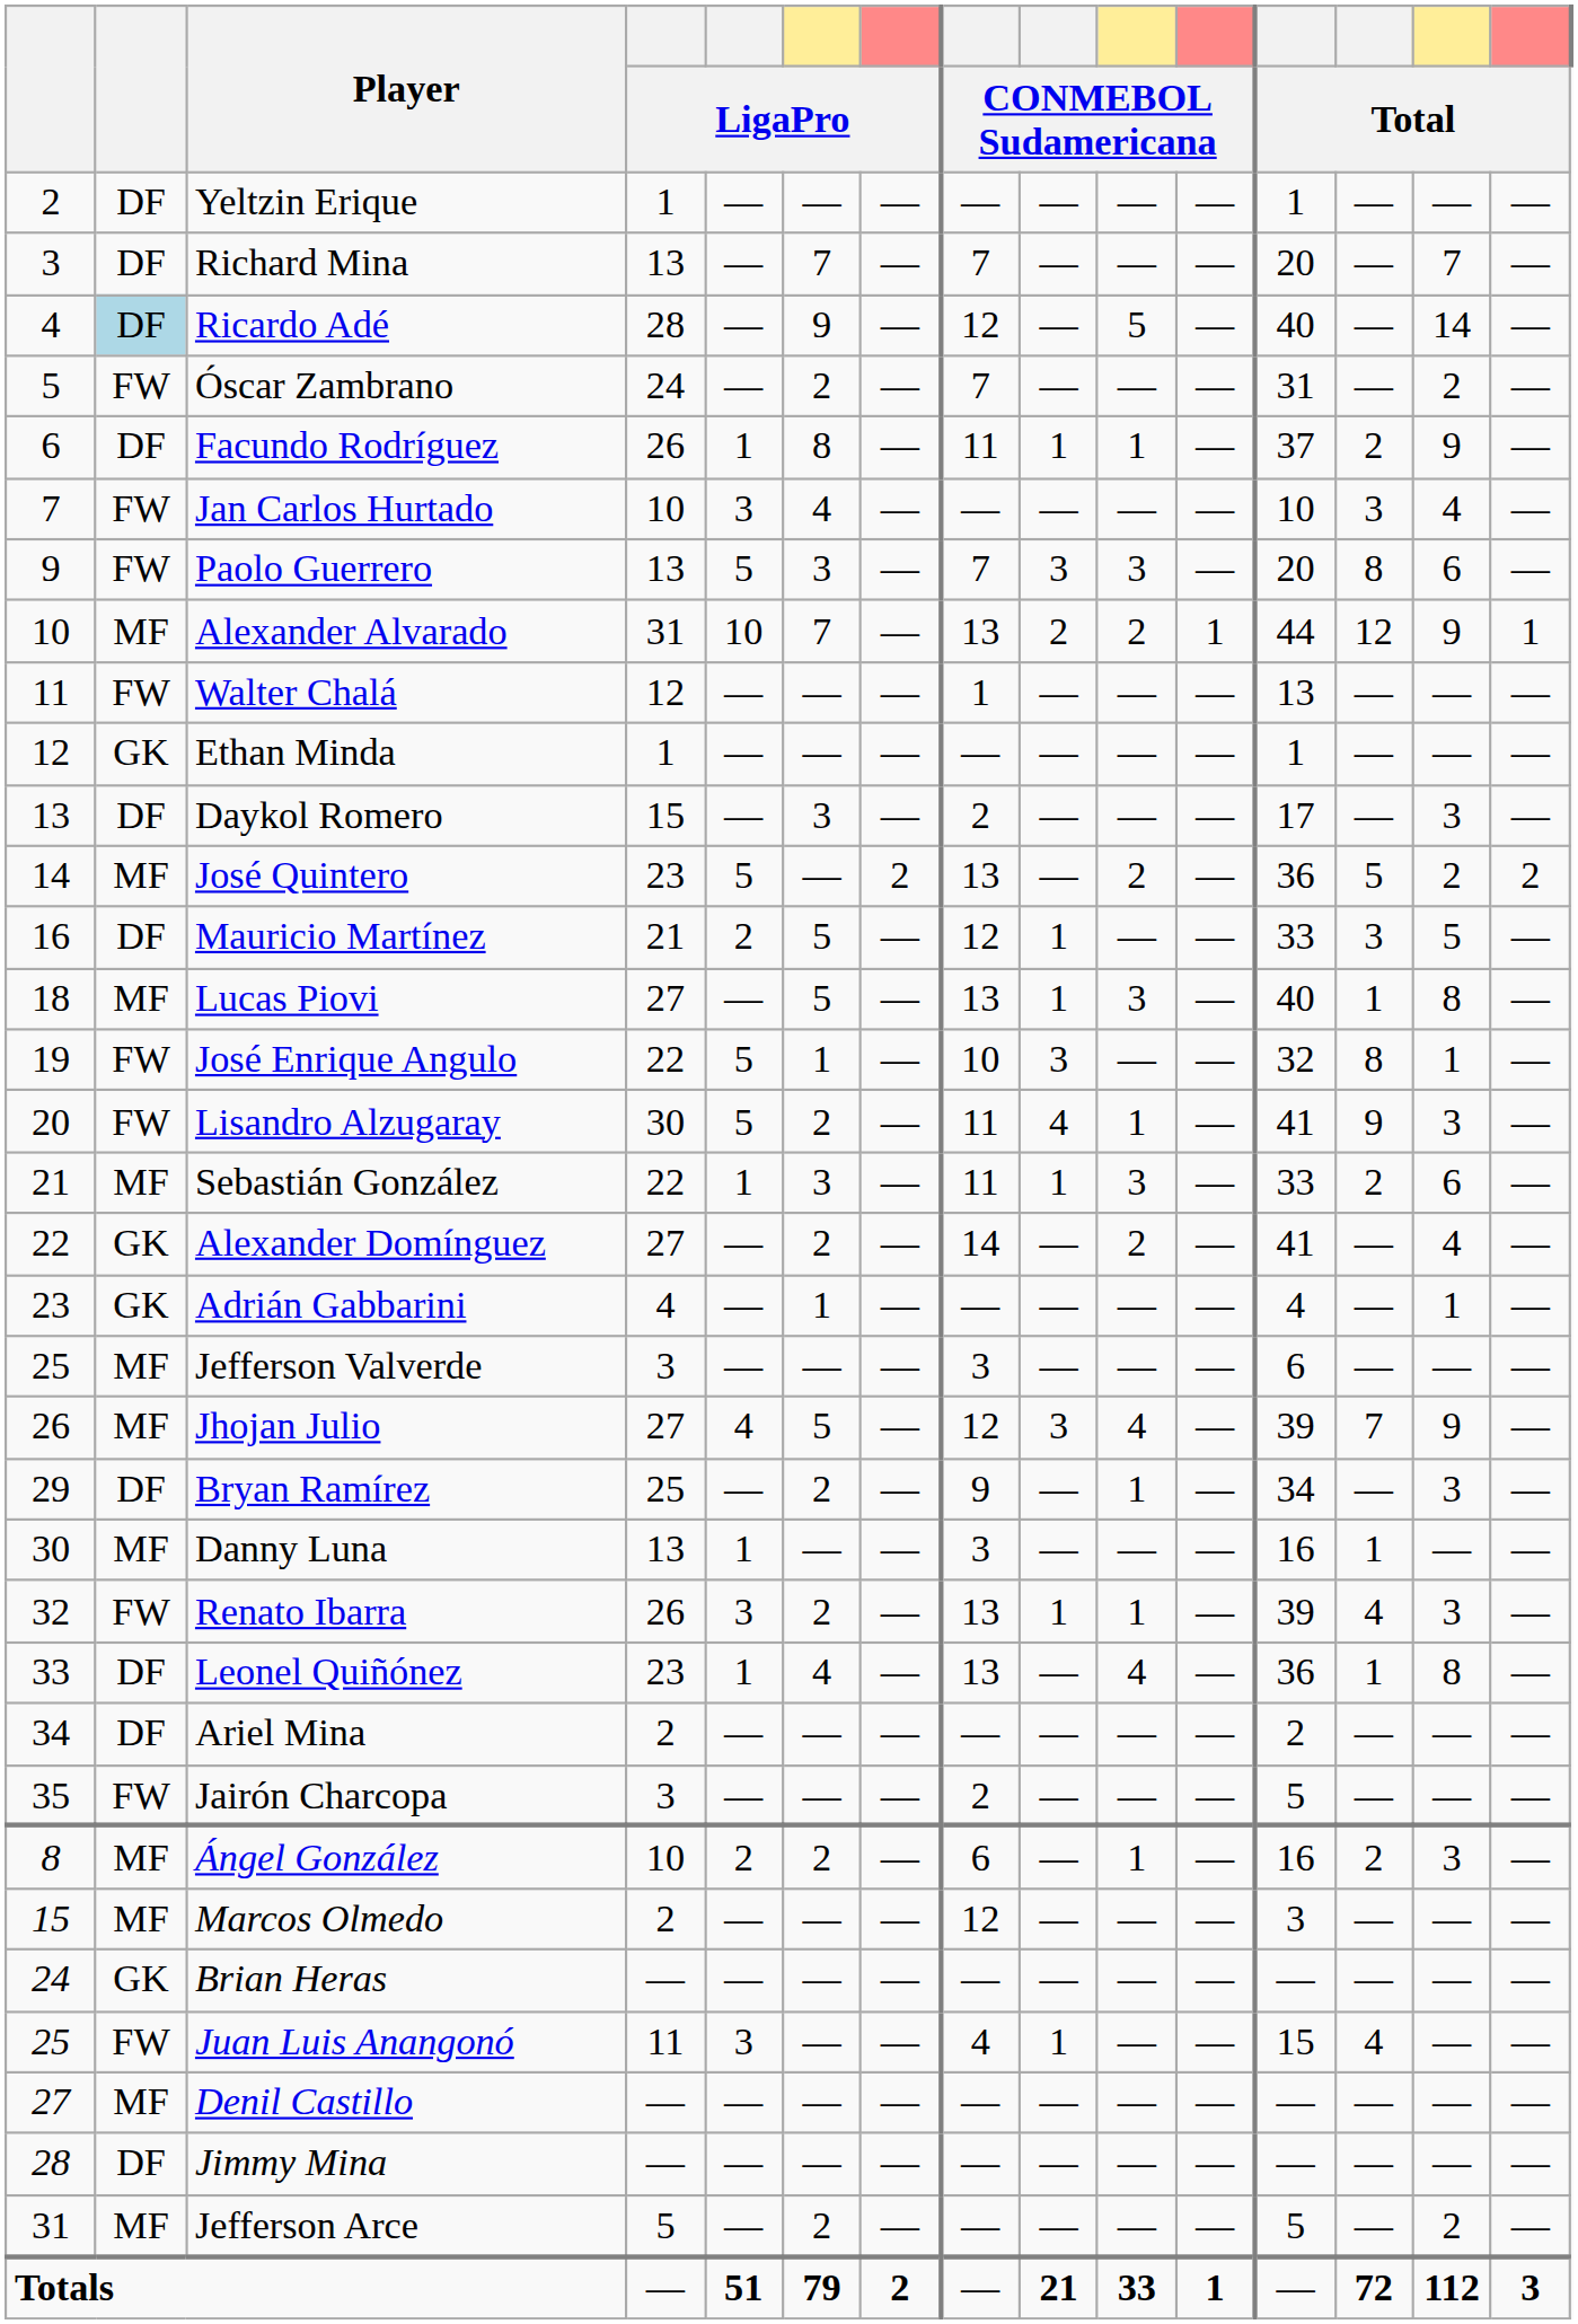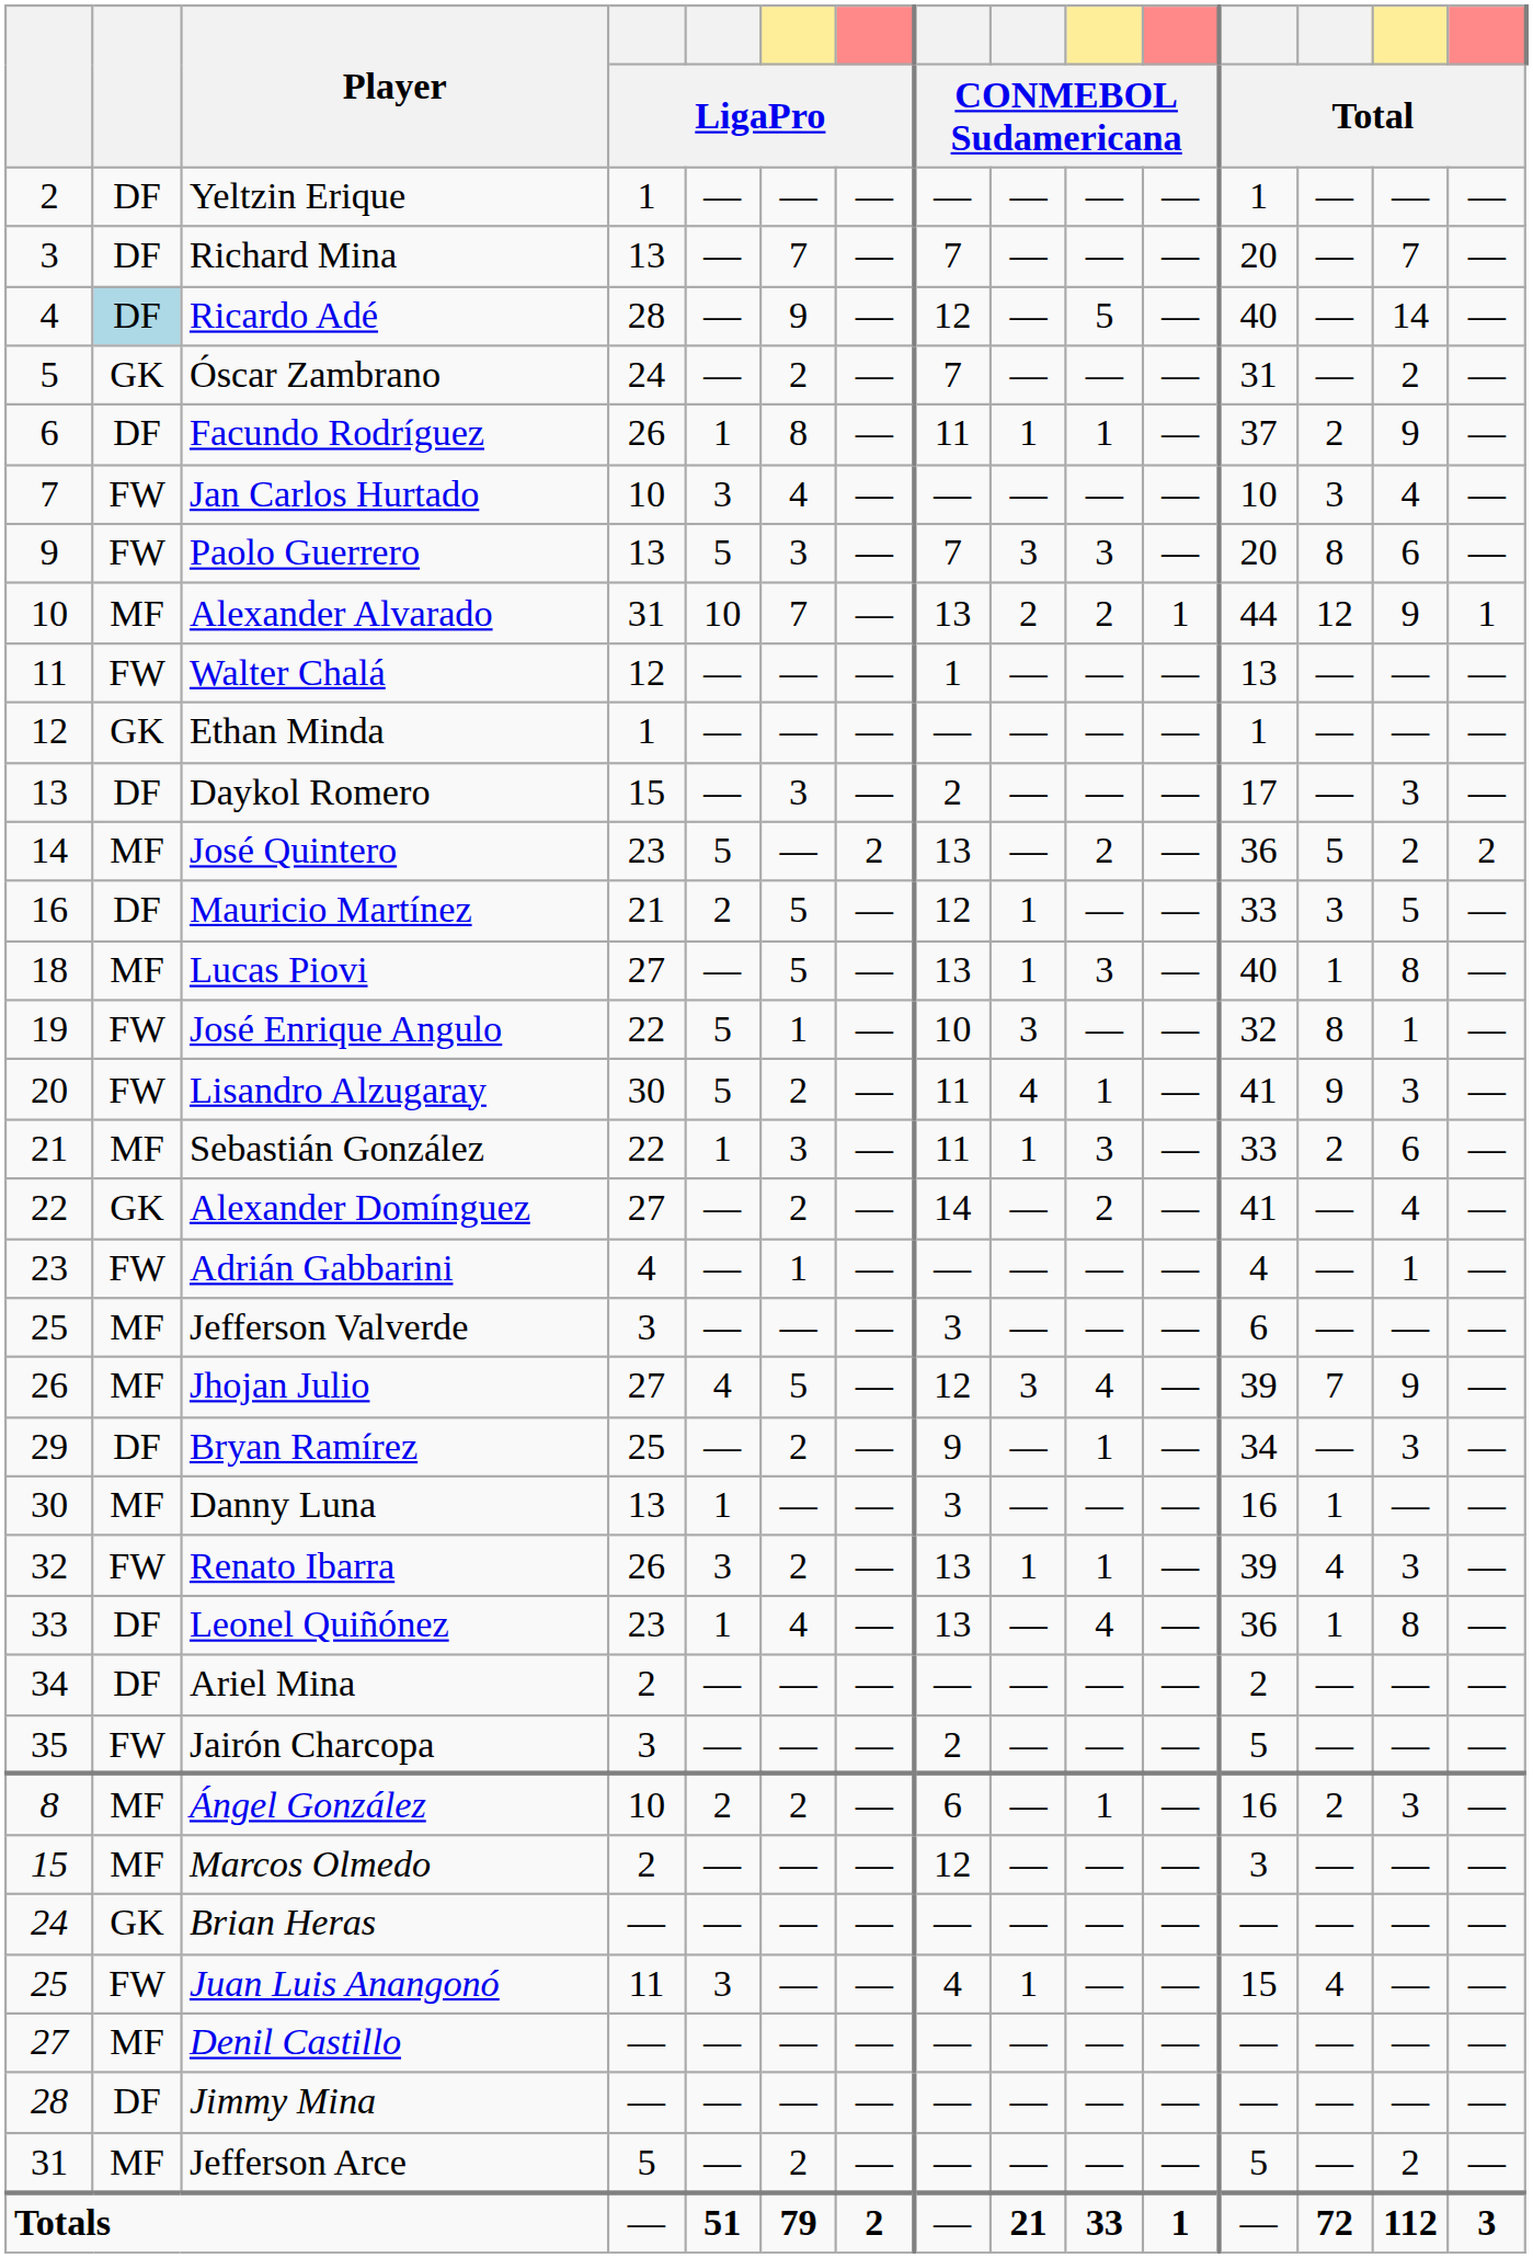 <table class="wikitable sortable" style="text-align: center;">
 <tr>
 <th rowspan="2" width=30 align="center"><br></th>
 <th rowspan="2" width=30 align="center"><br></th>
 <th rowspan="2" width=175 align="center">Player<br></th>
 <th width=25 style="background:"><br></th>
 <th width=25 style="background:"><br></th>
 <th width=25 style="background: #FFEE99"><br></th>
 <th width=25 style="border-right:2px solid grey; background:#FF8888"><br></th>
 <th width=25 style="background:"><br></th>
 <th width=25 style="background:"><br></th>
 <th width=25 style="background: #FFEE99"><br></th>
 <th width=25 style="border-right:2px solid grey; background:#FF8888"><br></th>
 <th width=25 style="background:"><br></th>
 <th width=25 style="background:"><br></th>
 <th width=25 style="background: #FFEE99"><br></th>
 <th width=25 style="border-right:2px solid grey; background:#FF8888"><br></th>
 </tr>
 <tr class="sortbottom">
 <th colspan="4" style="border-right:2px solid grey;" align="center"><a href='#'>LigaPro</a></th>
 <th colspan="4" style="border-right:2px solid grey;" align="center"><a href='#'>CONMEBOL<br>Sudamericana</a></th>
 <th colspan="4" align="center">Total</th>
 </tr>
 <tr>
 <td>2</td>
 <td>DF</td>
 <td align=left>Yeltzin Erique</td>
 <td>1</td>
 <td>—</td>
 <td>—</td>
 <td>—</td>
 <td style="border-left:2px solid grey">—</td>
 <td>—</td>
 <td>—</td>
 <td>—</td>
 <td style="border-left:2px solid grey">1</td>
 <td>—</td>
 <td>—</td>
 <td>—</td>
 </tr>
 <tr>
 <td>3</td>
 <td>DF</td>
 <td align=left>Richard Mina</td>
 <td>13</td>
 <td>—</td>
 <td>7</td>
 <td>—</td>
 <td style="border-left:2px solid grey">7</td>
 <td>—</td>
 <td>—</td>
 <td>—</td>
 <td style="border-left:2px solid grey">20</td>
 <td>—</td>
 <td>7</td>
 <td>—</td>
 </tr>
 <tr>
 <td>4</td>
 <td style="background: lightblue;">DF</td>
 <td align=left><a href='#'>Ricardo Adé</a></td>
 <td>28</td>
 <td>—</td>
 <td>9</td>
 <td>—</td>
 <td style="border-left:2px solid grey">12</td>
 <td>—</td>
 <td>5</td>
 <td>—</td>
 <td style="border-left:2px solid grey">40</td>
 <td>—</td>
 <td>14</td>
 <td>—</td>
 </tr>
 <tr>
 <td>5</td>
-<td>FW</td>
+<td>GK</td>
 <td align=left>Óscar Zambrano</td>
 <td>24</td>
 <td>—</td>
 <td>2</td>
 <td>—</td>
 <td style="border-left:2px solid grey">7</td>
 <td>—</td>
 <td>—</td>
 <td>—</td>
 <td style="border-left:2px solid grey">31</td>
 <td>—</td>
 <td>2</td>
 <td>—</td>
 </tr>
 <tr>
 <td>6</td>
 <td>DF</td>
 <td align=left><a href='#'>Facundo Rodríguez</a></td>
 <td>26</td>
 <td>1</td>
 <td>8</td>
 <td>—</td>
 <td style="border-left:2px solid grey">11</td>
 <td>1</td>
 <td>1</td>
 <td>—</td>
 <td style="border-left:2px solid grey">37</td>
 <td>2</td>
 <td>9</td>
 <td>—</td>
 </tr>
 <tr>
 <td>7</td>
 <td>FW</td>
 <td align=left><a href='#'>Jan Carlos Hurtado</a></td>
 <td>10</td>
 <td>3</td>
 <td>4</td>
 <td>—</td>
 <td style="border-left:2px solid grey">—</td>
 <td>—</td>
 <td>—</td>
 <td>—</td>
 <td style="border-left:2px solid grey">10</td>
 <td>3</td>
 <td>4</td>
 <td>—</td>
 </tr>
 <tr>
 <td>9</td>
 <td>FW</td>
 <td align=left><a href='#'>Paolo Guerrero</a></td>
 <td>13</td>
 <td>5</td>
 <td>3</td>
 <td>—</td>
 <td style="border-left:2px solid grey">7</td>
 <td>3</td>
 <td>3</td>
 <td>—</td>
 <td style="border-left:2px solid grey">20</td>
 <td>8</td>
 <td>6</td>
 <td>—</td>
 </tr>
 <tr>
 <td>10</td>
 <td>MF</td>
 <td align=left><a href='#'>Alexander Alvarado</a></td>
 <td>31</td>
 <td>10</td>
 <td>7</td>
 <td>—</td>
 <td style="border-left:2px solid grey">13</td>
 <td>2</td>
 <td>2</td>
 <td>1</td>
 <td style="border-left:2px solid grey">44</td>
 <td>12</td>
 <td>9</td>
 <td>1</td>
 </tr>
 <tr>
 <td>11</td>
 <td>FW</td>
 <td align=left><a href='#'>Walter Chalá</a></td>
 <td>12</td>
 <td>—</td>
 <td>—</td>
 <td>—</td>
 <td style="border-left:2px solid grey">1</td>
 <td>—</td>
 <td>—</td>
 <td>—</td>
 <td style="border-left:2px solid grey">13</td>
 <td>—</td>
 <td>—</td>
 <td>—</td>
 </tr>
 <tr>
 <td>12</td>
 <td>GK</td>
 <td align=left>Ethan Minda</td>
 <td>1</td>
 <td>—</td>
 <td>—</td>
 <td>—</td>
 <td style="border-left:2px solid grey">—</td>
 <td>—</td>
 <td>—</td>
 <td>—</td>
 <td style="border-left:2px solid grey">1</td>
 <td>—</td>
 <td>—</td>
 <td>—</td>
 </tr>
 <tr>
 <td>13</td>
 <td>DF</td>
 <td align=left>Daykol Romero</td>
 <td>15</td>
 <td>—</td>
 <td>3</td>
 <td>—</td>
 <td style="border-left:2px solid grey">2</td>
 <td>—</td>
 <td>—</td>
 <td>—</td>
 <td style="border-left:2px solid grey">17</td>
 <td>—</td>
 <td>3</td>
 <td>—</td>
 </tr>
 <tr>
 <td>14</td>
 <td>MF</td>
 <td align=left><a href='#'>José Quintero</a></td>
 <td>23</td>
 <td>5</td>
 <td>—</td>
 <td>2</td>
 <td style="border-left:2px solid grey">13</td>
 <td>—</td>
 <td>2</td>
 <td>—</td>
 <td style="border-left:2px solid grey">36</td>
 <td>5</td>
 <td>2</td>
 <td>2</td>
 </tr>
 <tr>
 <td>16</td>
 <td>DF</td>
 <td align=left><a href='#'>Mauricio Martínez</a></td>
 <td>21</td>
 <td>2</td>
 <td>5</td>
 <td>—</td>
 <td style="border-left:2px solid grey">12</td>
 <td>1</td>
 <td>—</td>
 <td>—</td>
 <td style="border-left:2px solid grey">33</td>
 <td>3</td>
 <td>5</td>
 <td>—</td>
 </tr>
 <tr>
 <td>18</td>
 <td>MF</td>
 <td align=left><a href='#'>Lucas Piovi</a></td>
 <td>27</td>
 <td>—</td>
 <td>5</td>
 <td>—</td>
 <td style="border-left:2px solid grey">13</td>
 <td>1</td>
 <td>3</td>
 <td>—</td>
 <td style="border-left:2px solid grey">40</td>
 <td>1</td>
 <td>8</td>
 <td>—</td>
 </tr>
 <tr>
 <td>19</td>
 <td>FW</td>
 <td align=left><a href='#'>José Enrique Angulo</a></td>
 <td>22</td>
 <td>5</td>
 <td>1</td>
 <td>—</td>
 <td style="border-left:2px solid grey">10</td>
 <td>3</td>
 <td>—</td>
 <td>—</td>
 <td style="border-left:2px solid grey">32</td>
 <td>8</td>
 <td>1</td>
 <td>—</td>
 </tr>
 <tr>
 <td>20</td>
 <td>FW</td>
 <td align=left><a href='#'>Lisandro Alzugaray</a></td>
 <td>30</td>
 <td>5</td>
 <td>2</td>
 <td>—</td>
 <td style="border-left:2px solid grey">11</td>
 <td>4</td>
 <td>1</td>
 <td>—</td>
 <td style="border-left:2px solid grey">41</td>
 <td>9</td>
 <td>3</td>
 <td>—</td>
 </tr>
 <tr>
 <td>21</td>
 <td>MF</td>
 <td align=left>Sebastián González</td>
 <td>22</td>
 <td>1</td>
 <td>3</td>
 <td>—</td>
 <td style="border-left:2px solid grey">11</td>
 <td>1</td>
 <td>3</td>
 <td>—</td>
 <td style="border-left:2px solid grey">33</td>
 <td>2</td>
 <td>6</td>
 <td>—</td>
 </tr>
 <tr>
 <td>22</td>
 <td>GK</td>
 <td align=left><a href='#'>Alexander Domínguez</a></td>
 <td>27</td>
 <td>—</td>
 <td>2</td>
 <td>—</td>
 <td style="border-left:2px solid grey">14</td>
 <td>—</td>
 <td>2</td>
 <td>—</td>
 <td style="border-left:2px solid grey">41</td>
 <td>—</td>
 <td>4</td>
 <td>—</td>
 </tr>
 <tr>
 <td>23</td>
-<td>GK</td>
+<td>FW</td>
 <td align=left><a href='#'>Adrián Gabbarini</a></td>
 <td>4</td>
 <td>—</td>
 <td>1</td>
 <td>—</td>
 <td style="border-left:2px solid grey">—</td>
 <td>—</td>
 <td>—</td>
 <td>—</td>
 <td style="border-left:2px solid grey">4</td>
 <td>—</td>
 <td>1</td>
 <td>—</td>
 </tr>
 <tr>
 <td>25</td>
 <td>MF</td>
 <td align=left>Jefferson Valverde</td>
 <td>3</td>
 <td>—</td>
 <td>—</td>
 <td>—</td>
 <td style="border-left:2px solid grey">3</td>
 <td>—</td>
 <td>—</td>
 <td>—</td>
 <td style="border-left:2px solid grey">6</td>
 <td>—</td>
 <td>—</td>
 <td>—</td>
 </tr>
 <tr>
 <td>26</td>
 <td>MF</td>
 <td align=left><a href='#'>Jhojan Julio</a></td>
 <td>27</td>
 <td>4</td>
 <td>5</td>
 <td>—</td>
 <td style="border-left:2px solid grey">12</td>
 <td>3</td>
 <td>4</td>
 <td>—</td>
 <td style="border-left:2px solid grey">39</td>
 <td>7</td>
 <td>9</td>
 <td>—</td>
 </tr>
 <tr>
 <td>29</td>
 <td>DF</td>
 <td align=left><a href='#'>Bryan Ramírez</a></td>
 <td>25</td>
 <td>—</td>
 <td>2</td>
 <td>—</td>
 <td style="border-left:2px solid grey">9</td>
 <td>—</td>
 <td>1</td>
 <td>—</td>
 <td style="border-left:2px solid grey">34</td>
 <td>—</td>
 <td>3</td>
 <td>—</td>
 </tr>
 <tr>
 <td>30</td>
 <td>MF</td>
 <td align=left>Danny Luna</td>
 <td>13</td>
 <td>1</td>
 <td>—</td>
 <td>—</td>
 <td style="border-left:2px solid grey">3</td>
 <td>—</td>
 <td>—</td>
 <td>—</td>
 <td style="border-left:2px solid grey">16</td>
 <td>1</td>
 <td>—</td>
 <td>—</td>
 </tr>
 <tr>
 <td>32</td>
 <td>FW</td>
 <td align=left><a href='#'>Renato Ibarra</a></td>
 <td>26</td>
 <td>3</td>
 <td>2</td>
 <td>—</td>
 <td style="border-left:2px solid grey">13</td>
 <td>1</td>
 <td>1</td>
 <td>—</td>
 <td style="border-left:2px solid grey">39</td>
 <td>4</td>
 <td>3</td>
 <td>—</td>
 </tr>
 <tr>
 <td>33</td>
 <td>DF</td>
 <td align=left><a href='#'>Leonel Quiñónez</a></td>
 <td>23</td>
 <td>1</td>
 <td>4</td>
 <td>—</td>
 <td style="border-left:2px solid grey">13</td>
 <td>—</td>
 <td>4</td>
 <td>—</td>
 <td style="border-left:2px solid grey">36</td>
 <td>1</td>
 <td>8</td>
 <td>—</td>
 </tr>
 <tr>
 <td>34</td>
 <td>DF</td>
 <td align=left>Ariel Mina</td>
 <td>2</td>
 <td>—</td>
 <td>—</td>
 <td>—</td>
 <td style="border-left:2px solid grey">—</td>
 <td>—</td>
 <td>—</td>
 <td>—</td>
 <td style="border-left:2px solid grey">2</td>
 <td>—</td>
 <td>—</td>
 <td>—</td>
 </tr>
 <tr>
 <td>35</td>
 <td>FW</td>
 <td align=left>Jairón Charcopa</td>
 <td>3</td>
 <td>—</td>
 <td>—</td>
 <td>—</td>
 <td style="border-left:2px solid grey">2</td>
 <td>—</td>
 <td>—</td>
 <td>—</td>
 <td style="border-left:2px solid grey">5</td>
 <td>—</td>
 <td>—</td>
 <td>—</td>
 </tr>
 <tr>
 </tr>
 <tr style="border-top:2px solid grey">
 <td><em>8</em></td>
 <td>MF</td>
 <td align=left><em><a href='#'>Ángel González</a></em></td>
 <td>10</td>
 <td>2</td>
 <td>2</td>
 <td>—</td>
 <td style="border-left:2px solid grey">6</td>
 <td>—</td>
 <td>1</td>
 <td>—</td>
 <td style="border-left:2px solid grey">16</td>
 <td>2</td>
 <td>3</td>
 <td>—</td>
 </tr>
 <tr>
 <td><em>15</em></td>
 <td>MF</td>
 <td align=left><em>Marcos Olmedo</em></td>
 <td>2</td>
 <td>—</td>
 <td>—</td>
 <td>—</td>
 <td style="border-left:2px solid grey">12</td>
 <td>—</td>
 <td>—</td>
 <td>—</td>
 <td style="border-left:2px solid grey">3</td>
 <td>—</td>
 <td>—</td>
 <td>—</td>
 </tr>
 <tr>
 <td><em>24</em></td>
 <td>GK</td>
 <td align=left><em>Brian Heras</em></td>
 <td>—</td>
 <td>—</td>
 <td>—</td>
 <td>—</td>
 <td style="border-left:2px solid grey">—</td>
 <td>—</td>
 <td>—</td>
 <td>—</td>
 <td style="border-left:2px solid grey">—</td>
 <td>—</td>
 <td>—</td>
 <td>—</td>
 </tr>
 <tr>
 <td><em>25</em></td>
 <td>FW</td>
 <td align=left><em><a href='#'>Juan Luis Anangonó</a></em></td>
 <td>11</td>
 <td>3</td>
 <td>—</td>
 <td>—</td>
 <td style="border-left:2px solid grey">4</td>
 <td>1</td>
 <td>—</td>
 <td>—</td>
 <td style="border-left:2px solid grey">15</td>
 <td>4</td>
 <td>—</td>
 <td>—</td>
 </tr>
 <tr>
 <td><em>27</em></td>
 <td>MF</td>
 <td align=left><em><a href='#'>Denil Castillo</a></em></td>
 <td>—</td>
 <td>—</td>
 <td>—</td>
 <td>—</td>
 <td style="border-left:2px solid grey">—</td>
 <td>—</td>
 <td>—</td>
 <td>—</td>
 <td style="border-left:2px solid grey">—</td>
 <td>—</td>
 <td>—</td>
 <td>—</td>
 </tr>
 <tr>
 <td><em>28</em></td>
 <td>DF</td>
 <td align=left><em>Jimmy Mina</em></td>
 <td>—</td>
 <td>—</td>
 <td>—</td>
 <td>—</td>
 <td style="border-left:2px solid grey">—</td>
 <td>—</td>
 <td>—</td>
 <td>—</td>
 <td style="border-left:2px solid grey">—</td>
 <td>—</td>
 <td>—</td>
 <td>—</td>
 </tr>
 <tr>
 <td>31</td>
 <td>MF</td>
 <td align=left>Jefferson Arce</td>
 <td>5</td>
 <td>—</td>
 <td>2</td>
 <td>—</td>
 <td style="border-left:2px solid grey">—</td>
 <td>—</td>
 <td>—</td>
 <td>—</td>
 <td style="border-left:2px solid grey">5</td>
 <td>—</td>
 <td>2</td>
 <td>—</td>
 </tr>
 <tr>
 </tr>
 <tr class="sortbottom" style="border-top:2px solid grey">
 <td colspan=3 align=left><strong>Totals</strong></td>
 <td>—</td>
 <td><strong>51</strong></td>
 <td><strong>79</strong></td>
 <td><strong>2</strong></td>
 <td style="border-left:2px solid grey">—</td>
 <td><strong>21</strong></td>
 <td><strong>33</strong></td>
 <td><strong>1</strong></td>
 <td style="border-left:2px solid grey">—</td>
 <td><strong>72</strong></td>
 <td><strong>112</strong></td>
 <td><strong>3</strong></td>
 </tr>
 </table>
